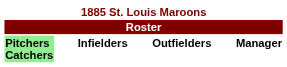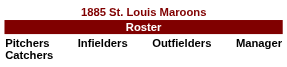 <table class="toccolours" style="font-size: 95%;">
 <tr>
 <th colspan="10" style="background-color: white; color: #800000; text-align: center;">1885 St. Louis Maroons</th>
 </tr>
 <tr>
 <td colspan="10" style="background-color: #800000; color: white; text-align: center;"><strong>Roster</strong></td>
 </tr>
 <tr>
-<td valign="top" style="background: lightgreen;"><strong>Pitchers</strong><br>     <strong>Catchers</strong>     </td>
+<td valign="top"><strong>Pitchers</strong><br>     <strong>Catchers</strong>     </td>
 <td width="25px"></td>
 <td valign="top"><strong>Infielders</strong><br>       </td>
 <td width="25px"></td>
 <td valign="top"><strong>Outfielders</strong><br>         </td>
 <td width="25px"></td>
 <td valign="top"><strong>Manager</strong><br> </td>
 </tr>
 </table>
